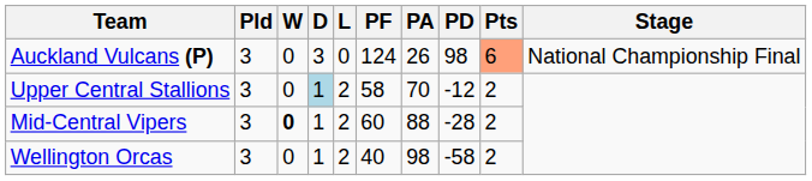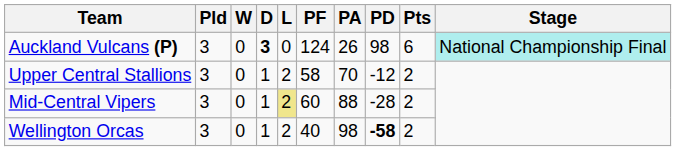 <table class="wikitable">
 <tr>
 <th>Team</th>
 <th>Pld</th>
 <th>W</th>
 <th>D</th>
 <th>L</th>
 <th>PF</th>
 <th>PA</th>
 <th>PD</th>
 <th>Pts</th>
 <th>Stage</th>
 </tr>
 <tr>
 <td> <a href='#'>Auckland Vulcans</a> <strong>(P)</strong></td>
 <td>3</td>
 <td>0</td>
-<td>3</td>
+<td><strong>3</strong></td>
 <td>0</td>
 <td>124</td>
 <td>26</td>
 <td>98</td>
-<td style="background: lightsalmon;">6</td>
-<td>National Championship Final</td>
+<td>6</td>
+<td style="background: paleturquoise;">National Championship Final</td>
 </tr>
 <tr>
 <td> <a href='#'>Upper Central Stallions</a></td>
 <td>3</td>
 <td>0</td>
-<td style="background: lightblue;">1</td>
+<td>1</td>
 <td>2</td>
 <td>58</td>
 <td>70</td>
 <td>-12</td>
 <td>2</td>
 <td rowspan="3"></td>
 </tr>
 <tr>
 <td> <a href='#'>Mid-Central Vipers</a></td>
 <td>3</td>
-<td><strong>0</strong></td>
+<td>0</td>
 <td>1</td>
-<td>2</td>
+<td style="background: khaki;">2</td>
 <td>60</td>
 <td>88</td>
 <td>-28</td>
 <td>2</td>
 </tr>
 <tr>
 <td> <a href='#'>Wellington Orcas</a></td>
 <td>3</td>
 <td>0</td>
 <td>1</td>
 <td>2</td>
 <td>40</td>
 <td>98</td>
-<td>-58</td>
+<td><strong>-58</strong></td>
 <td>2</td>
 </tr>
 </table>
